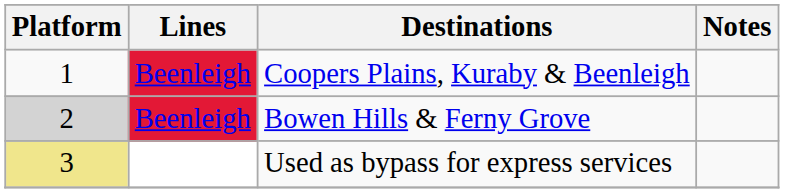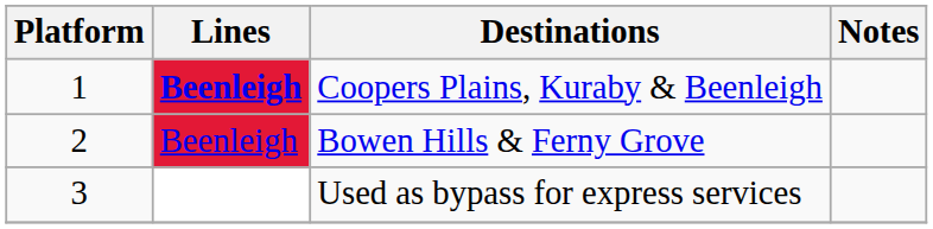 <table class="wikitable" style="float: none; margin: 0.5em; ">
 <tr>
 <th>Platform</th>
 <th>Lines</th>
 <th>Destinations</th>
 <th>Notes</th>
 </tr>
 <tr>
 <td rowspan="1" style="text-align:center;">1</td>
-<td style=background:#E31836><a href='#'><span>Beenleigh</span></a></td>
+<td style=background:#E31836><strong><a href='#'><span>Beenleigh</span></a></strong></td>
 <td><a href='#'>Coopers Plains</a>, <a href='#'>Kuraby</a> & <a href='#'>Beenleigh</a></td>
 <td></td>
 </tr>
 <tr>
-<td rowspan="1" style="background: lightgrey; text-align:center;">2</td>
+<td rowspan="1" style="text-align:center;">2</td>
 <td style=background:#E31836><a href='#'><span>Beenleigh</span></a></td>
 <td><a href='#'>Bowen Hills</a> & <a href='#'>Ferny Grove</a></td>
 <td></td>
 </tr>
 <tr>
-<td rowspan="1" style="background: khaki; text-align:center;">3</td>
+<td rowspan="1" style="text-align:center;">3</td>
 <td style=background:#FFFFFF></td>
 <td>Used as bypass for express services</td>
 <td></td>
 </tr>
 <tr>
 </tr>
 </table>
